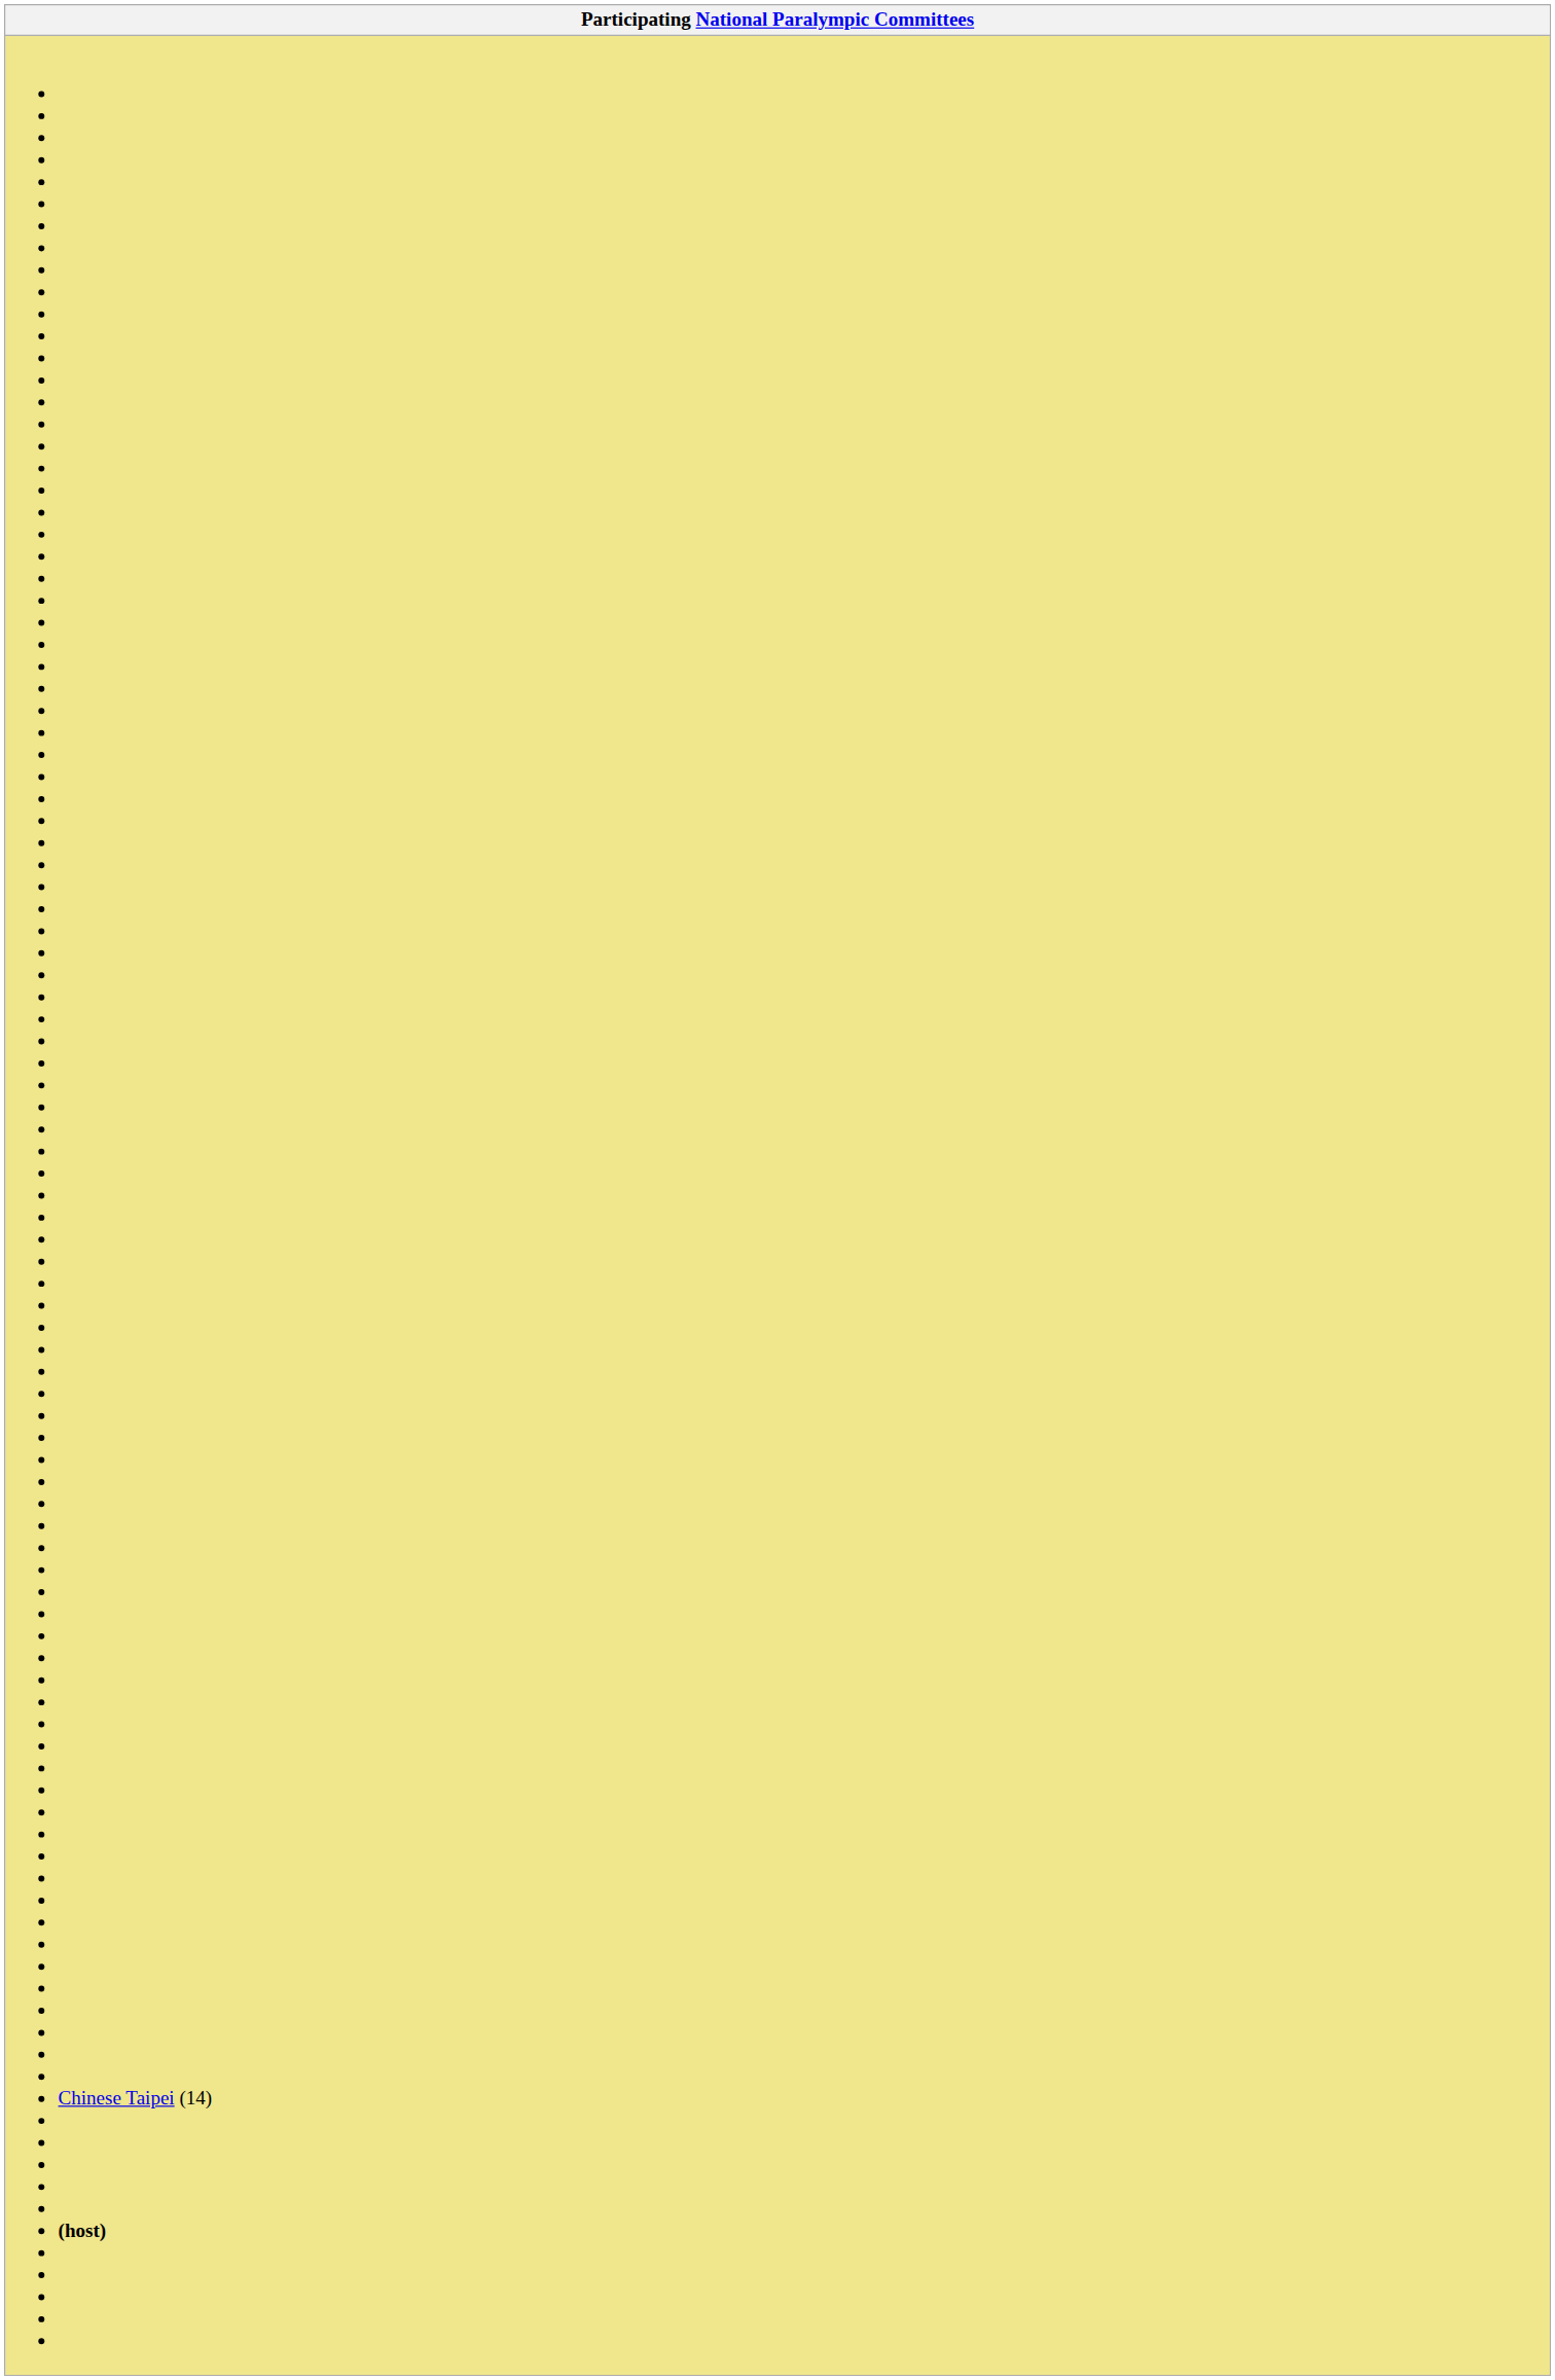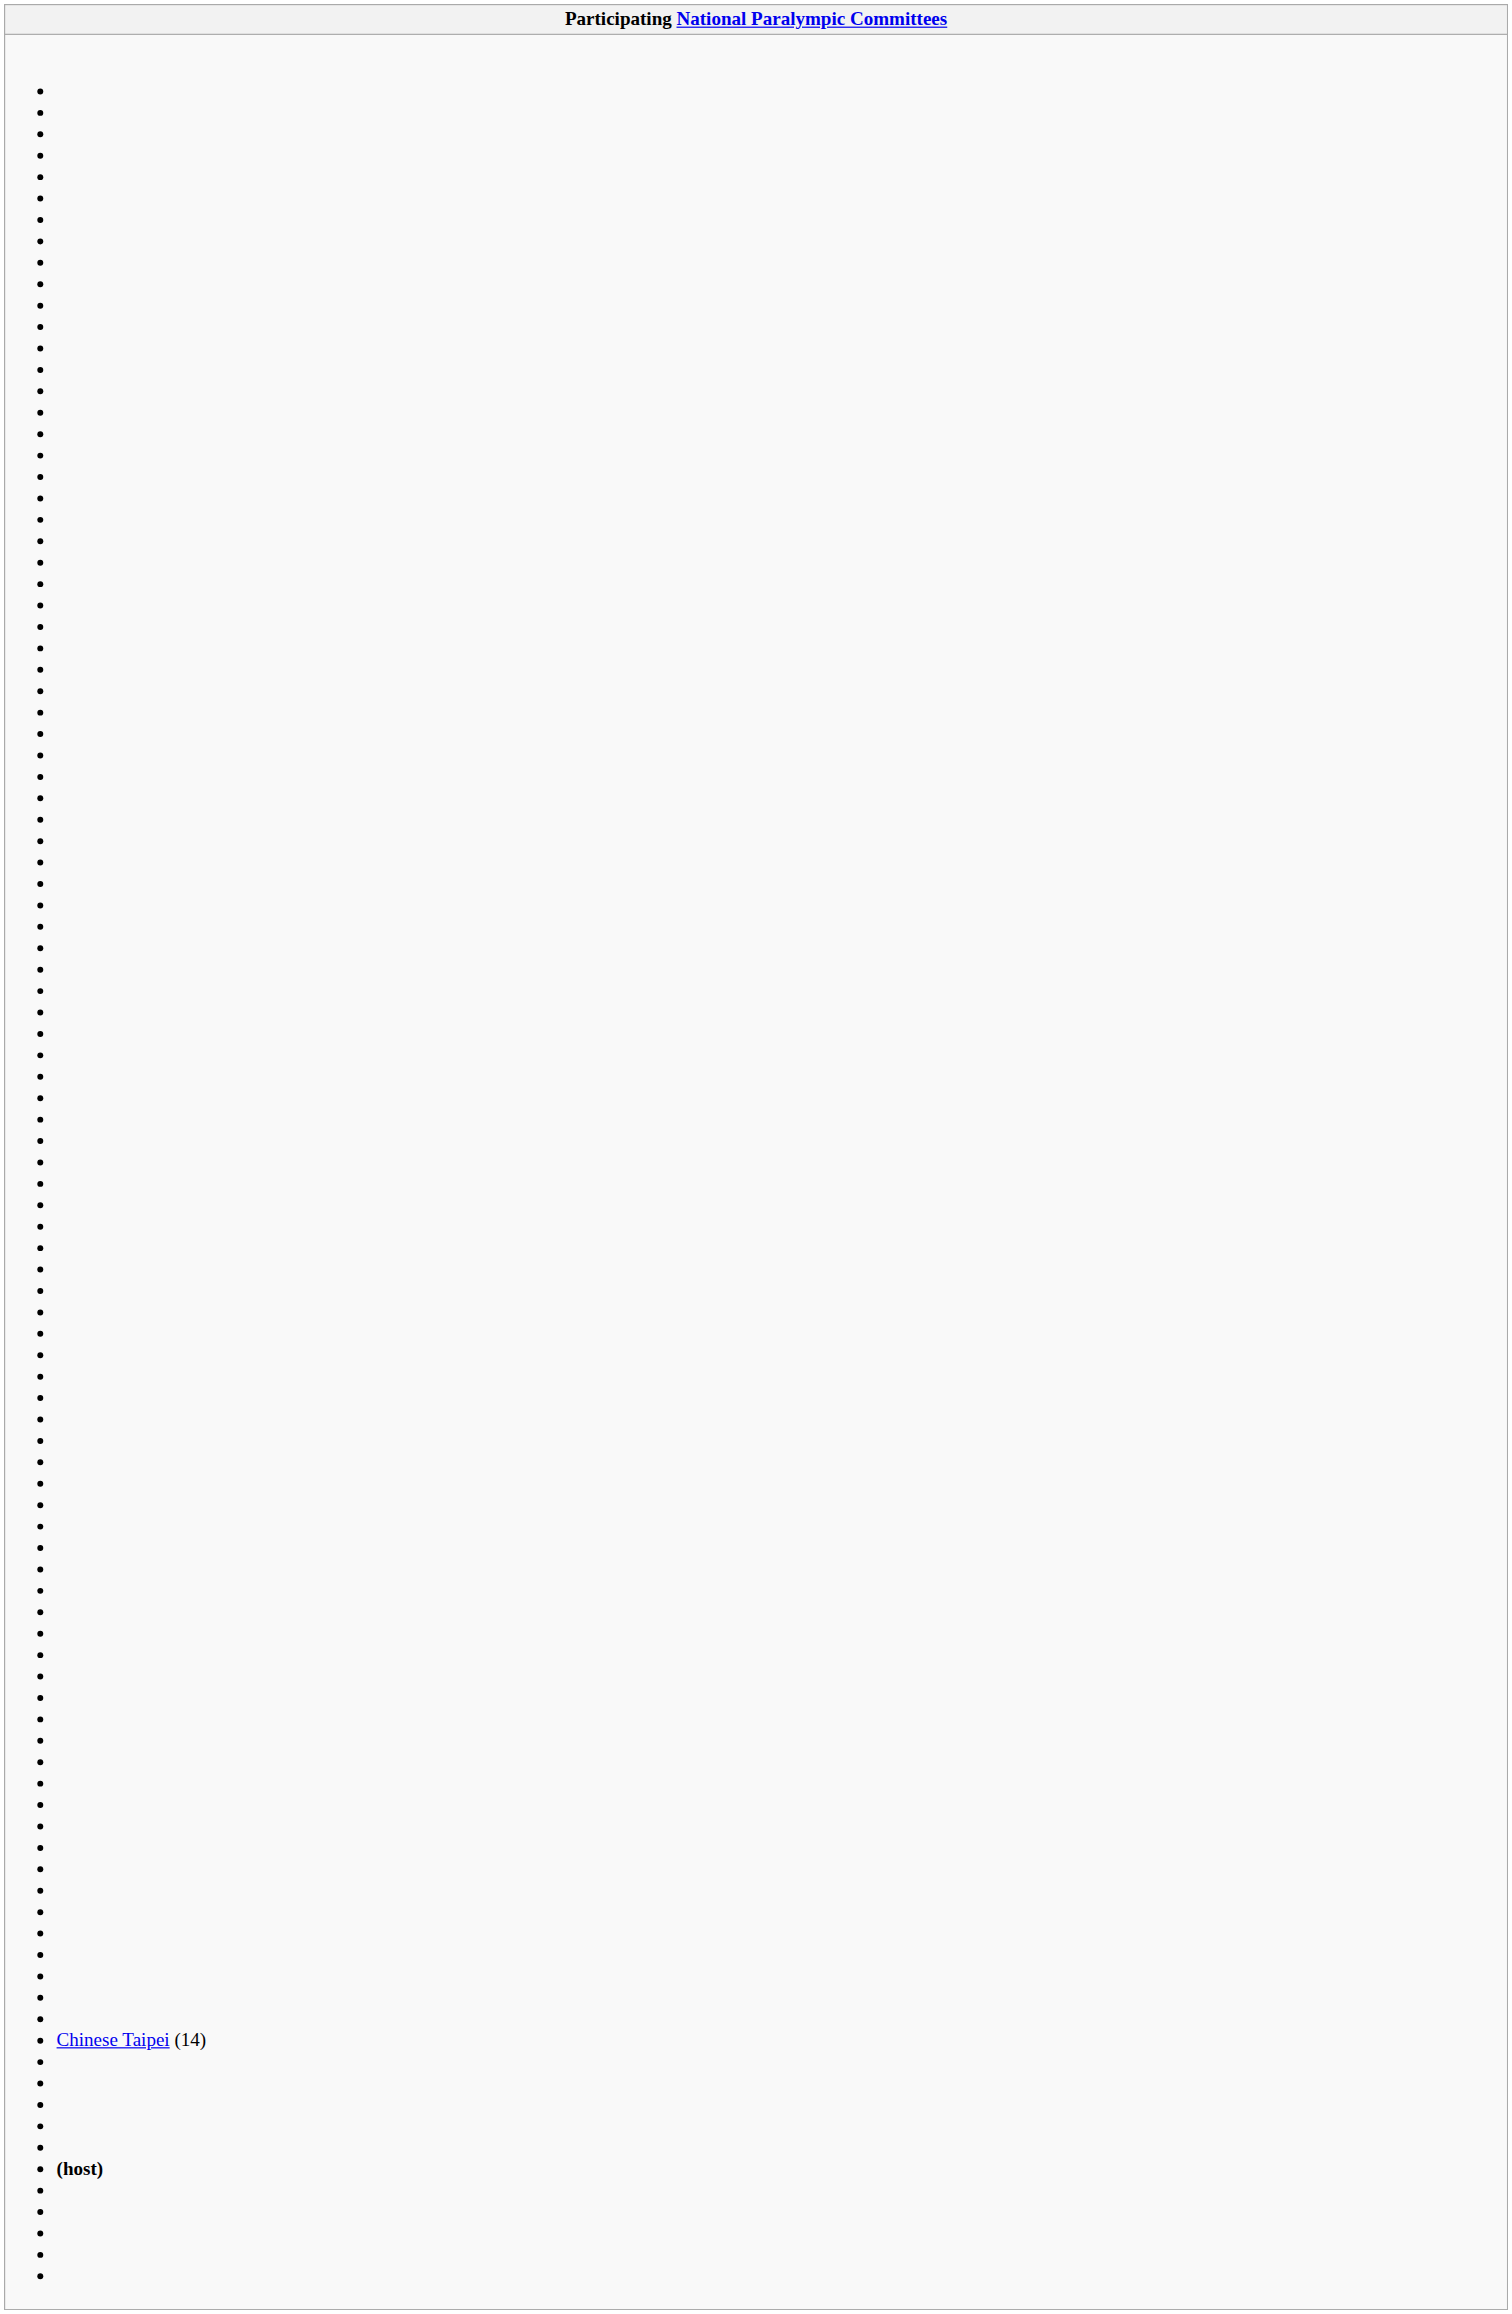 <table class="wikitable collapsible" style="width:100%;">
 <tr>
 <th>Participating <a href='#'>National Paralympic Committees</a></th>
 </tr>
 <tr>
-<td style="background: khaki;"><br><ul><li></li><li></li><li></li><li></li><li></li><li></li><li></li><li></li><li></li><li></li><li></li><li></li><li></li><li></li><li></li><li></li><li></li><li></li><li></li><li></li><li></li><li></li><li></li><li></li><li></li><li></li><li></li><li></li><li></li><li></li><li></li><li></li><li></li><li></li><li></li><li></li><li></li><li></li><li></li><li></li><li></li><li></li><li></li><li></li><li></li><li></li><li></li><li></li><li></li><li></li><li></li><li></li><li></li><li></li><li></li><li></li><li></li><li></li><li></li><li></li><li></li><li></li><li></li><li></li><li></li><li></li><li></li><li></li><li></li><li></li><li></li><li></li><li></li><li></li><li></li><li></li><li></li><li></li><li></li><li></li><li></li><li></li><li></li><li></li><li></li><li></li><li></li><li></li><li></li><li></li><li></li><li> <a href='#'>Chinese Taipei</a> (14)</li><li></li><li></li><li></li><li></li><li></li><li> <strong>(host)</strong></li><li></li><li></li><li></li><li></li><li></li></ul></td>
+<td><br><ul><li></li><li></li><li></li><li></li><li></li><li></li><li></li><li></li><li></li><li></li><li></li><li></li><li></li><li></li><li></li><li></li><li></li><li></li><li></li><li></li><li></li><li></li><li></li><li></li><li></li><li></li><li></li><li></li><li></li><li></li><li></li><li></li><li></li><li></li><li></li><li></li><li></li><li></li><li></li><li></li><li></li><li></li><li></li><li></li><li></li><li></li><li></li><li></li><li></li><li></li><li></li><li></li><li></li><li></li><li></li><li></li><li></li><li></li><li></li><li></li><li></li><li></li><li></li><li></li><li></li><li></li><li></li><li></li><li></li><li></li><li></li><li></li><li></li><li></li><li></li><li></li><li></li><li></li><li></li><li></li><li></li><li></li><li></li><li></li><li></li><li></li><li></li><li></li><li></li><li></li><li></li><li> <a href='#'>Chinese Taipei</a> (14)</li><li></li><li></li><li></li><li></li><li></li><li> <strong>(host)</strong></li><li></li><li></li><li></li><li></li><li></li></ul></td>
 </tr>
 </table>
